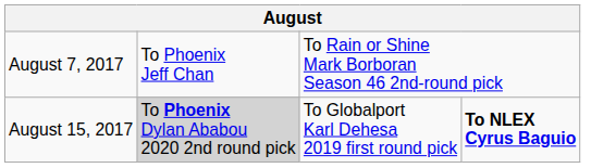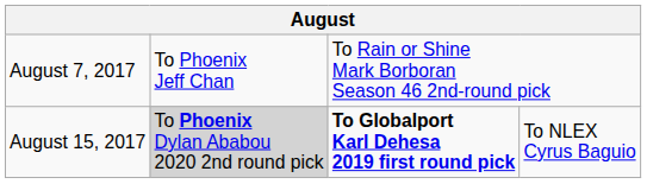 <table class="wikitable">
 <tr>
 <th colspan="4">August</th>
 </tr>
 <tr>
 <td>August 7, 2017</td>
 <td>To <a href='#'>Phoenix</a><br><a href='#'>Jeff Chan</a></td>
 <td colspan="2">To <a href='#'>Rain or Shine</a><br><a href='#'>Mark Borboran</a><br><a href='#'>Season 46 2nd-round pick</a></td>
 </tr>
 <tr>
 <td>August 15, 2017</td>
 <td style="background: lightgrey;">To <strong><a href='#'>Phoenix</a></strong><br><a href='#'>Dylan Ababou</a><br>2020 2nd round pick</td>
-<td>To Globalport<br><a href='#'>Karl Dehesa</a><br><a href='#'>2019 first round pick</a></td>
-<td><strong>To NLEX<br><a href='#'>Cyrus Baguio</a></strong></td>
+<td><strong>To Globalport<br><a href='#'>Karl Dehesa</a><br><a href='#'>2019 first round pick</a></strong></td>
+<td>To NLEX<br><a href='#'>Cyrus Baguio</a></td>
 </tr>
 </table>
